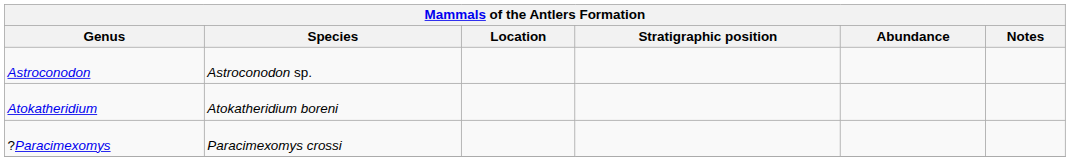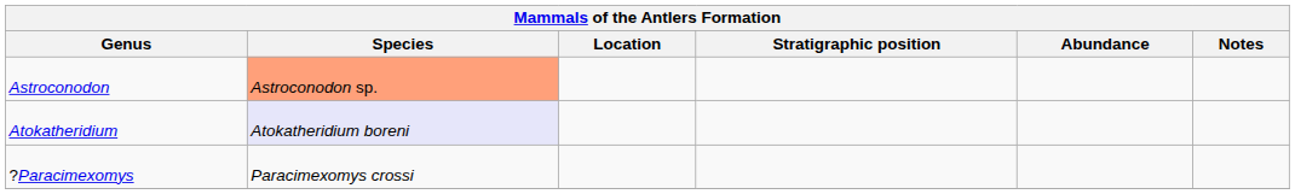 <table class="wikitable" align="center" width="100%">
 <tr>
 <th colspan="7" align="center"><strong><a href='#'>Mammals</a> of the Antlers Formation</strong></th>
 </tr>
 <tr>
 <th>Genus</th>
 <th>Species</th>
 <th>Location</th>
 <th>Stratigraphic position</th>
 <th>Abundance</th>
 <th>Notes<br></th>
 </tr>
 <tr>
 <td><br><em><a href='#'>Astroconodon</a></em></td>
-<td><br><em>Astroconodon</em> sp.</td>
+<td style="background: lightsalmon;"><br><em>Astroconodon</em> sp.</td>
 <td></td>
 <td></td>
 <td></td>
 <td><br></td>
 </tr>
 <tr>
 <td><br><em><a href='#'>Atokatheridium</a></em></td>
-<td><br><em>Atokatheridium boreni</em></td>
+<td style="background: lavender;"><br><em>Atokatheridium boreni</em></td>
 <td></td>
 <td></td>
 <td></td>
 <td></td>
 </tr>
 <tr>
 <td><br>?<em><a href='#'>Paracimexomys</a></em></td>
 <td><br><em>Paracimexomys crossi</em></td>
 <td></td>
 <td></td>
 <td></td>
 <td></td>
 </tr>
 <tr>
 </tr>
 </table>
